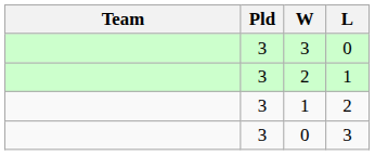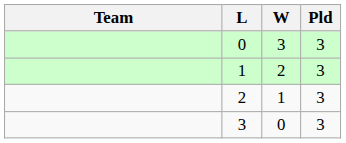 <table class=wikitable style="text-align:center">
 <tr>
 <th width=200>Team</th>
+<th width=30>L</th>
+<th width=30>W</th>
 <th width=30>Pld</th>
-<th width=30>W</th>
-<th width=30>L</th>
 </tr>
 <tr style=background:#ccffcc>
 <td style="text-align:left"></td>
+<td>0</td>
 <td>3</td>
 <td>3</td>
-<td>0</td>
 </tr>
 <tr style=background:#ccffcc>
 <td style="text-align:left"></td>
+<td>1</td>
+<td>2</td>
 <td>3</td>
-<td>2</td>
-<td>1</td>
 </tr>
 <tr>
 <td style="text-align:left"></td>
+<td>2</td>
+<td>1</td>
 <td>3</td>
-<td>1</td>
-<td>2</td>
 </tr>
 <tr>
 <td style="text-align:left"></td>
 <td>3</td>
 <td>0</td>
 <td>3</td>
 </tr>
 </table>
